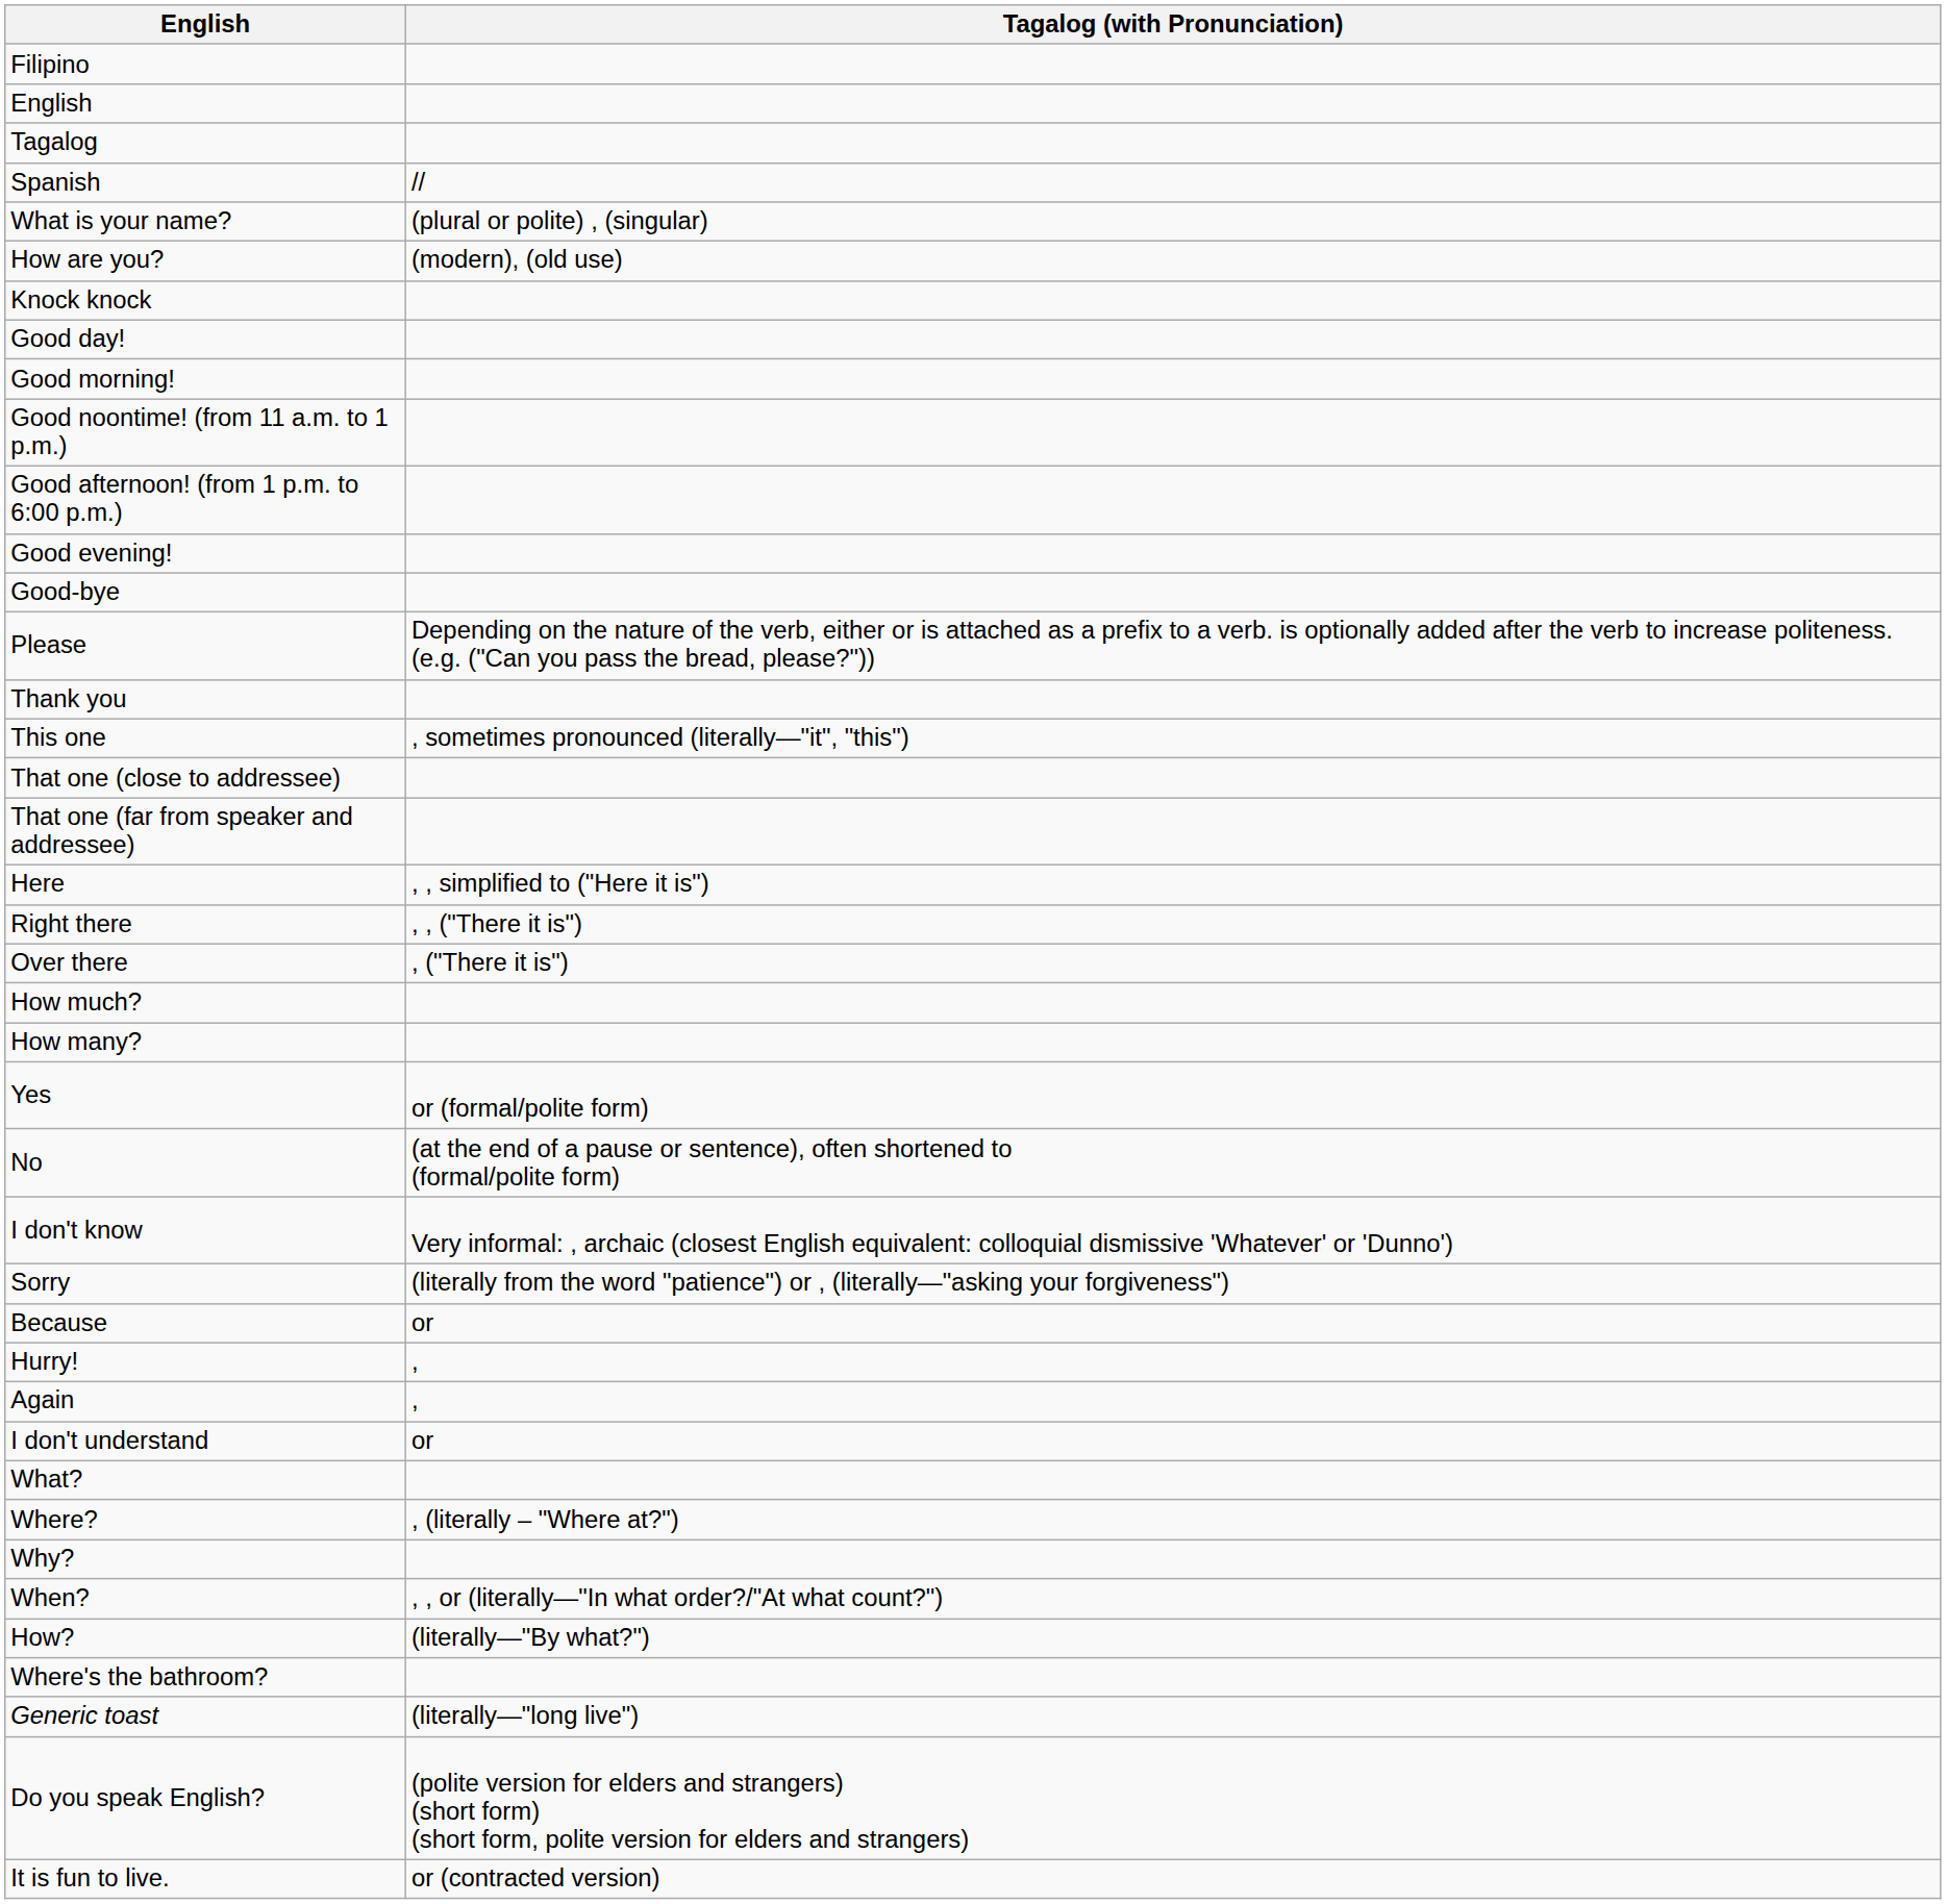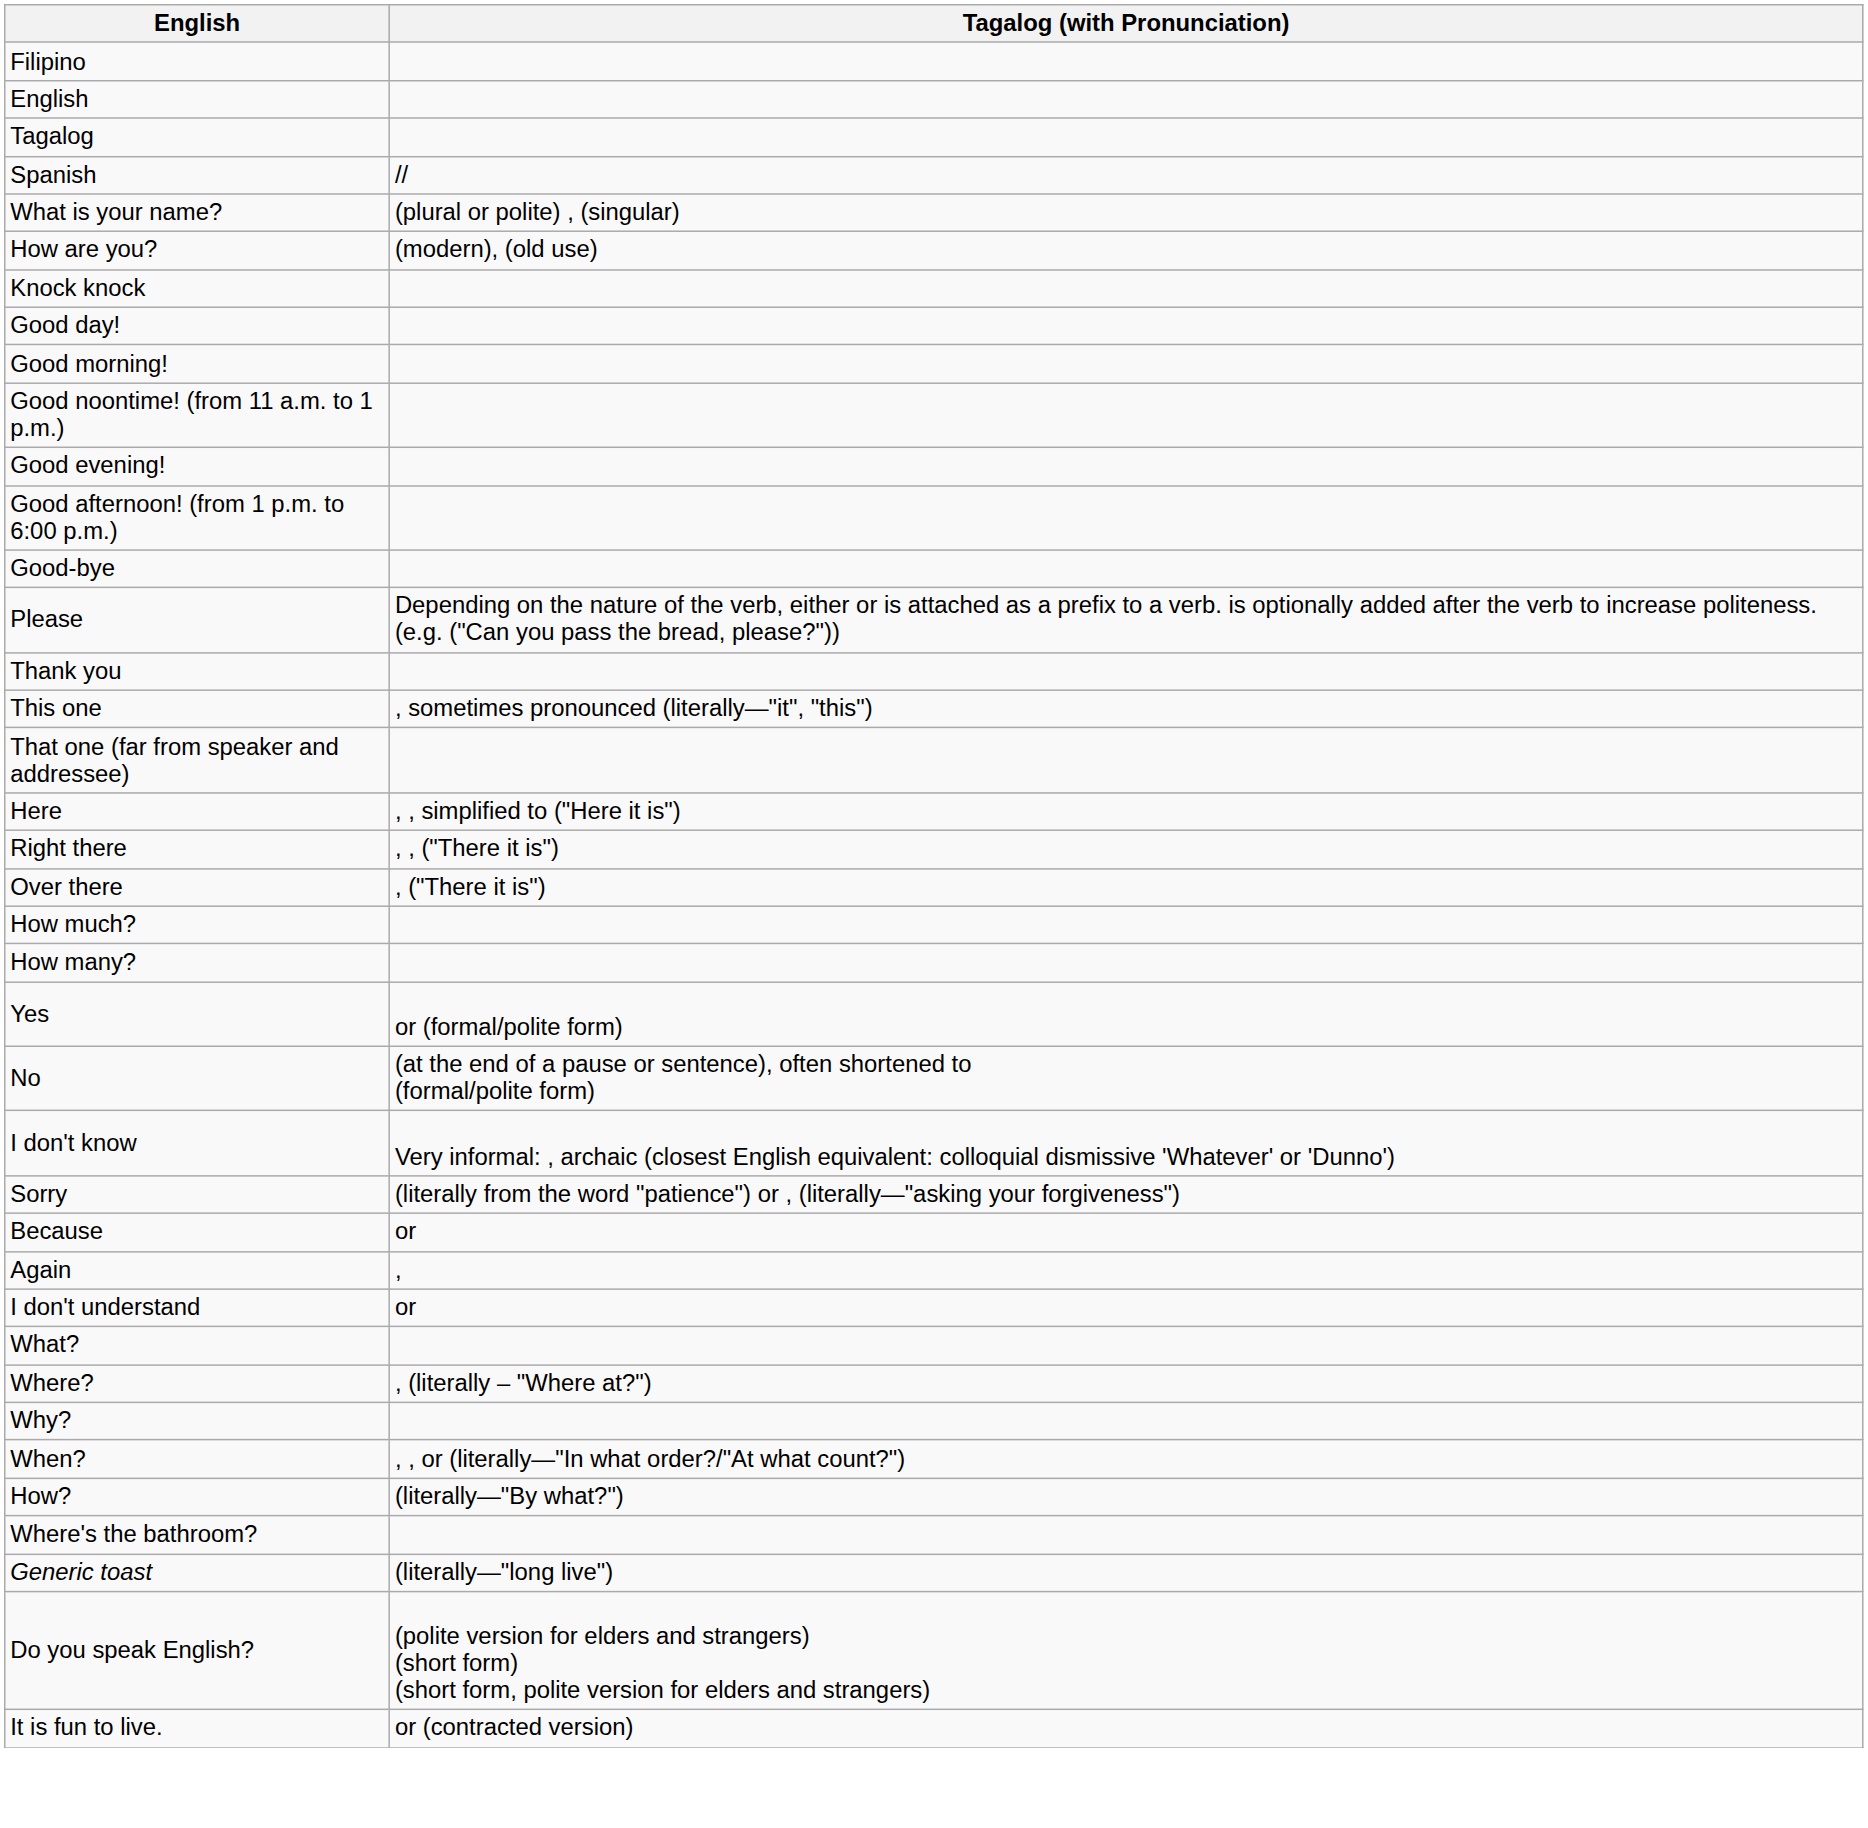 <table class="wikitable sortable">
 <tr>
 <th scope="col">English</th>
 <th scope="col">Tagalog (with Pronunciation)</th>
 </tr>
 <tr>
 <td>Filipino</td>
 <td> </td>
 </tr>
 <tr>
 <td>English</td>
 <td> </td>
 </tr>
 <tr>
 <td>Tagalog</td>
 <td> </td>
 </tr>
 <tr>
 <td>Spanish</td>
 <td>// </td>
 </tr>
 <tr>
 <td>What is your name?</td>
 <td> (plural or polite) ,  (singular) </td>
 </tr>
 <tr>
 <td>How are you?</td>
 <td>  (modern),  (old use) </td>
 </tr>
 <tr>
 <td>Knock knock</td>
 <td> </td>
 </tr>
 <tr>
 <td>Good day!</td>
 <td> </td>
 </tr>
 <tr>
 <td>Good morning!</td>
 <td> </td>
 </tr>
 <tr>
 <td>Good noontime! (from 11 a.m. to 1 p.m.)</td>
 <td> </td>
 </tr>
 <tr>
-<td>Good afternoon! (from 1 p.m. to 6:00 p.m.)</td>
+<td>Good evening!</td>
 <td> </td>
 </tr>
 <tr>
-<td>Good evening!</td>
+<td>Good afternoon! (from 1 p.m. to 6:00 p.m.)</td>
 <td> </td>
 </tr>
 <tr>
 <td>Good-bye</td>
 <td> </td>
 </tr>
 <tr>
 <td>Please</td>
 <td>Depending on the nature of the verb, either   or   is attached as a prefix to a verb.   is optionally added after the verb to increase politeness. (e.g.  ("Can you pass the bread, please?"))</td>
 </tr>
 <tr>
 <td>Thank you</td>
 <td> </td>
 </tr>
 <tr>
 <td>This one</td>
 <td> , sometimes pronounced  (literally—"it", "this")</td>
-</tr>
-<tr>
-<td>That one (close to addressee)</td>
-<td> </td>
 </tr>
 <tr>
 <td>That one (far from speaker and addressee)</td>
 <td> </td>
 </tr>
 <tr>
 <td>Here</td>
 <td> ,  , simplified to   ("Here it is")</td>
 </tr>
 <tr>
 <td>Right there</td>
 <td> ,  ,   ("There it is")</td>
 </tr>
 <tr>
 <td>Over there</td>
 <td> ,   ("There it is")</td>
 </tr>
 <tr>
 <td>How much?</td>
 <td> </td>
 </tr>
 <tr>
 <td>How many?</td>
 <td> </td>
 </tr>
 <tr>
 <td>Yes</td>
 <td> <br>  or   (formal/polite form)</td>
 </tr>
 <tr>
 <td>No</td>
 <td>  (at the end of a pause or sentence), often shortened to  <br>  (formal/polite form)</td>
 </tr>
 <tr>
 <td>I don't know</td>
 <td> <br>Very informal:  , archaic   (closest English equivalent: colloquial dismissive 'Whatever' or 'Dunno')</td>
 </tr>
 <tr>
 <td>Sorry</td>
 <td>  (literally from the word "patience") or  ,   (literally—"asking your forgiveness")</td>
 </tr>
 <tr>
 <td>Because</td>
 <td>  or  </td>
 </tr>
 <tr>
-<td>Hurry!</td>
-<td> ,  </td>
-</tr>
-<tr>
 <td>Again</td>
 <td> ,  </td>
 </tr>
 <tr>
 <td>I don't understand</td>
 <td>  or<br> </td>
 </tr>
 <tr>
 <td>What?</td>
 <td> </td>
 </tr>
 <tr>
 <td>Where?</td>
 <td> ,   (literally – "Where at?")</td>
 </tr>
 <tr>
 <td>Why?</td>
 <td> </td>
 </tr>
 <tr>
 <td>When?</td>
 <td> , , or  (literally—"In what order?/"At what count?")</td>
 </tr>
 <tr>
 <td>How?</td>
 <td>  (literally—"By what?")</td>
 </tr>
 <tr>
 <td>Where's the bathroom?</td>
 <td> </td>
 </tr>
 <tr>
 <td><em>Generic toast</em></td>
 <td>  (literally—"long live")</td>
 </tr>
 <tr>
 <td>Do you speak English?</td>
 <td> <br>  (polite version for elders and strangers)<br>   (short form)<br>   (short form, polite version for elders and strangers)</td>
 </tr>
 <tr>
 <td>It is fun to live.</td>
 <td>  or  (contracted version)</td>
 </tr>
 </table>
